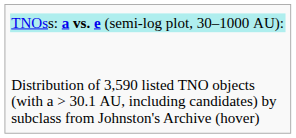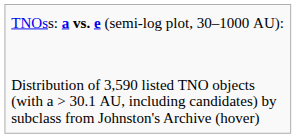 <table class="infobox" style="width: 305px;">
 <tr>
 <td></td>
 </tr>
 <tr>
-<td style="background: paleturquoise;"><a href='#'>TNOs</a>s: <strong><a href='#'>a</a> vs. <a href='#'>e</a></strong> (semi-log plot, 30–1000 AU):</td>
+<td><a href='#'>TNOs</a>s: <strong><a href='#'>a</a> vs. <a href='#'>e</a></strong> (semi-log plot, 30–1000 AU):</td>
 </tr>
 <tr>
 <td><br>      </td>
 </tr>
 <tr>
 <td><div><br></div></td>
 </tr>
 <tr>
 <td>Distribution of 3,590 listed TNO objects (with a > 30.1 AU, including candidates) by subclass from Johnston's Archive (hover)</td>
 </tr>
 </table>
